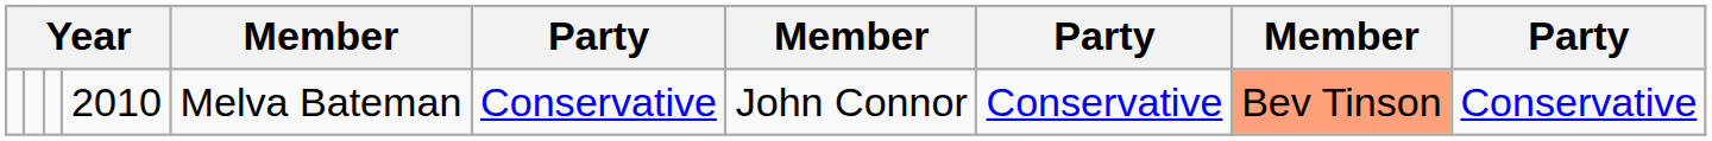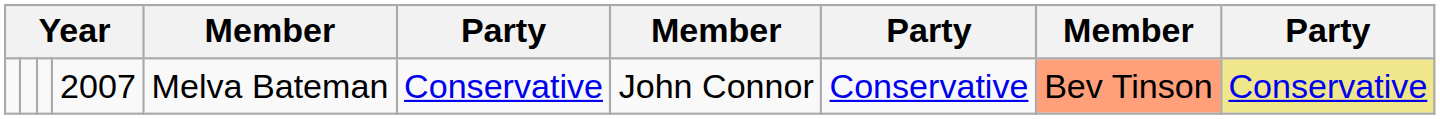 <table class="wikitable">
 <tr>
 <th colspan="4">Year</th>
 <th>Member</th>
 <th>Party</th>
 <th>Member</th>
 <th>Party</th>
 <th>Member</th>
 <th>Party</th>
 </tr>
 <tr>
 <td style="background-color: "></td>
 <td style="background-color: "></td>
 <td style="background-color: "></td>
-<td>2010</td>
+<td>2007</td>
 <td>Melva Bateman</td>
 <td><a href='#'>Conservative</a></td>
 <td>John Connor</td>
 <td><a href='#'>Conservative</a></td>
 <td style="background: lightsalmon;">Bev Tinson</td>
-<td><a href='#'>Conservative</a></td>
+<td style="background: khaki;"><a href='#'>Conservative</a></td>
 </tr>
 </table>
